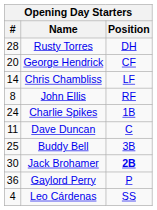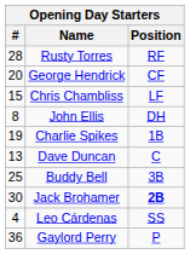 <table class="wikitable" style="text-align:center">
 <tr>
 <th colspan="3">Opening Day Starters</th>
 </tr>
 <tr>
 <th>#</th>
 <th>Name</th>
 <th>Position</th>
 </tr>
 <tr>
 <td>28</td>
 <td><a href='#'>Rusty Torres</a></td>
-<td><a href='#'>DH</a></td>
+<td><a href='#'>RF</a></td>
 </tr>
 <tr>
 <td>20</td>
 <td><a href='#'>George Hendrick</a></td>
 <td><a href='#'>CF</a></td>
 </tr>
 <tr>
-<td>14</td>
+<td>15</td>
 <td><a href='#'>Chris Chambliss</a></td>
 <td><a href='#'>LF</a></td>
 </tr>
 <tr>
 <td>8</td>
 <td><a href='#'>John Ellis</a></td>
-<td><a href='#'>RF</a></td>
+<td><a href='#'>DH</a></td>
 </tr>
 <tr>
-<td>24</td>
+<td>19</td>
 <td><a href='#'>Charlie Spikes</a></td>
 <td><a href='#'>1B</a></td>
 </tr>
 <tr>
-<td>11</td>
+<td>13</td>
 <td><a href='#'>Dave Duncan</a></td>
 <td><a href='#'>C</a></td>
 </tr>
 <tr>
 <td>25</td>
 <td><a href='#'>Buddy Bell</a></td>
 <td><a href='#'>3B</a></td>
 </tr>
 <tr>
 <td>30</td>
 <td><a href='#'>Jack Brohamer</a></td>
 <td><strong><a href='#'>2B</a></strong></td>
 </tr>
 <tr>
+<td>4</td>
+<td><a href='#'>Leo Cárdenas</a></td>
+<td><a href='#'>SS</a></td>
+</tr>
+<tr>
 <td>36</td>
 <td><a href='#'>Gaylord Perry</a></td>
 <td><a href='#'>P</a></td>
 </tr>
-<tr>
-<td>4</td>
-<td><a href='#'>Leo Cárdenas</a></td>
-<td><a href='#'>SS</a></td>
-</tr>
 </table>
